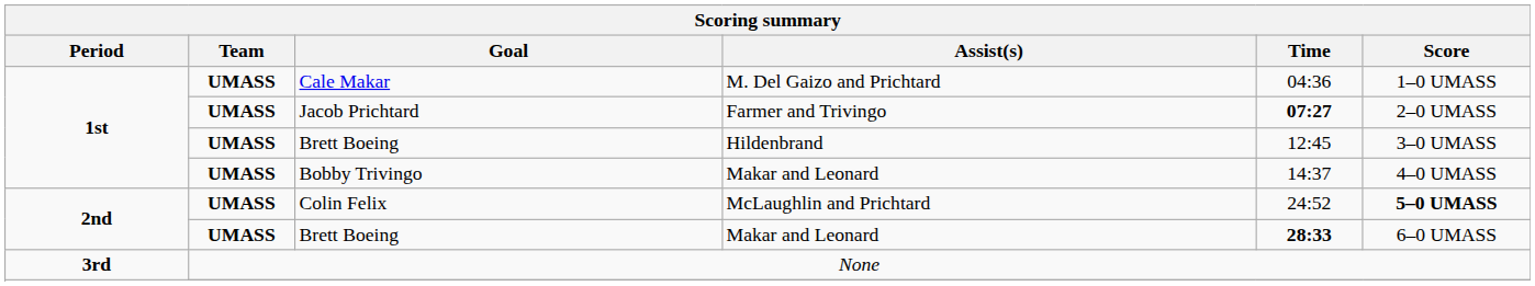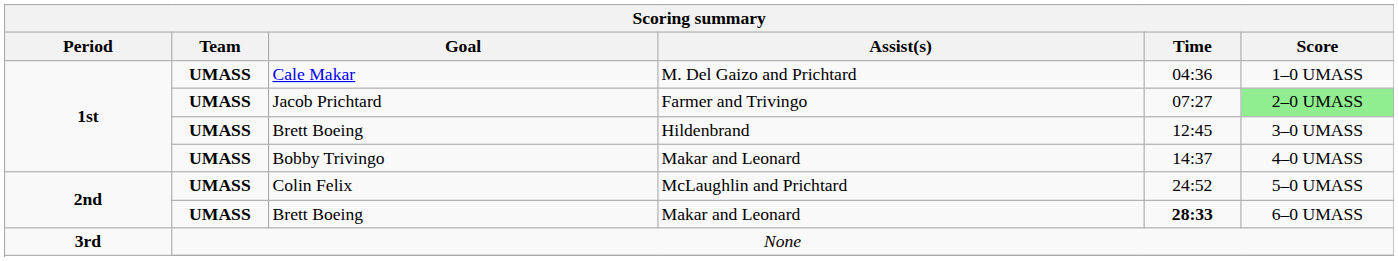 <table style="width:100%;" class="wikitable">
 <tr>
 <th colspan=6>Scoring summary</th>
 </tr>
 <tr>
 <th style="width:12%;">Period</th>
 <th style="width:7%;">Team</th>
 <th style="width:28%;">Goal</th>
 <th style="width:35%;">Assist(s)</th>
 <th style="width:7%;">Time</th>
 <th style="width:11%;">Score</th>
 </tr>
 <tr>
 <td style="text-align:center;" rowspan="4"><strong>1st</strong></td>
 <td align=center><strong>UMASS</strong></td>
 <td><a href='#'>Cale Makar</a></td>
 <td>M. Del Gaizo and Prichtard</td>
 <td align=center>04:36</td>
 <td align=center>1–0 UMASS</td>
 </tr>
 <tr>
 <td align=center><strong>UMASS</strong></td>
 <td>Jacob Prichtard</td>
 <td>Farmer and Trivingo</td>
-<td align=center><strong>07:27</strong></td>
-<td align=center>2–0 UMASS</td>
+<td align=center>07:27</td>
+<td align=center style="background: lightgreen;">2–0 UMASS</td>
 </tr>
 <tr>
 <td align=center><strong>UMASS</strong></td>
 <td>Brett Boeing</td>
 <td>Hildenbrand</td>
 <td align=center>12:45</td>
 <td align=center>3–0 UMASS</td>
 </tr>
 <tr>
 <td align=center><strong>UMASS</strong></td>
 <td>Bobby Trivingo</td>
 <td>Makar and Leonard</td>
 <td align=center>14:37</td>
 <td align=center>4–0 UMASS</td>
 </tr>
 <tr>
 <td style="text-align:center;" rowspan="2"><strong>2nd</strong></td>
 <td align=center><strong>UMASS</strong></td>
 <td>Colin Felix</td>
 <td>McLaughlin and Prichtard</td>
 <td align=center>24:52</td>
-<td align=center><strong>5–0 UMASS</strong></td>
+<td align=center>5–0 UMASS</td>
 </tr>
 <tr>
 <td align=center><strong>UMASS</strong></td>
 <td>Brett Boeing</td>
 <td>Makar and Leonard</td>
 <td align=center><strong>28:33</strong></td>
 <td align=center>6–0 UMASS</td>
 </tr>
 <tr>
 <td style="text-align:center;" rowspan="2"><strong>3rd</strong></td>
 <td style="text-align:center;" colspan="5"><em>None</em></td>
 </tr>
 <tr>
 </tr>
 </table>
